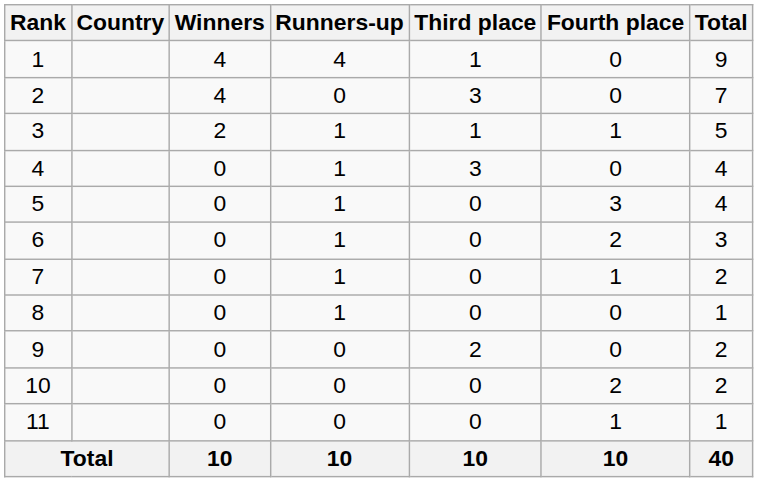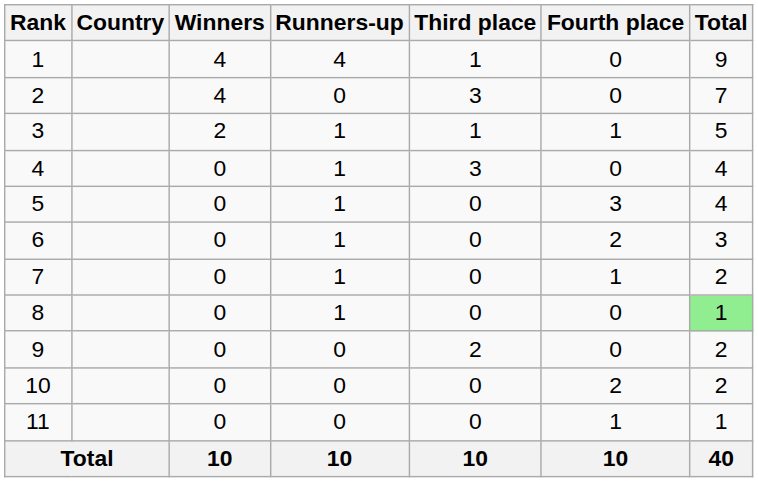 <table class="wikitable sortable" style="text-align:center;">
 <tr>
 <th>Rank</th>
 <th>Country</th>
 <th>Winners</th>
 <th>Runners-up</th>
 <th>Third place</th>
 <th>Fourth place</th>
 <th>Total</th>
 </tr>
 <tr>
 <td>1</td>
 <td align=left></td>
 <td>4</td>
 <td>4</td>
 <td>1</td>
 <td>0</td>
 <td>9</td>
 </tr>
 <tr>
 <td>2</td>
 <td align=left></td>
 <td>4</td>
 <td>0</td>
 <td>3</td>
 <td>0</td>
 <td>7</td>
 </tr>
 <tr>
 <td>3</td>
 <td align="left"></td>
 <td>2</td>
 <td>1</td>
 <td>1</td>
 <td>1</td>
 <td>5</td>
 </tr>
 <tr>
 <td>4</td>
 <td align="left"></td>
 <td>0</td>
 <td>1</td>
 <td>3</td>
 <td>0</td>
 <td>4</td>
 </tr>
 <tr>
 <td>5</td>
 <td align=left></td>
 <td>0</td>
 <td>1</td>
 <td>0</td>
 <td>3</td>
 <td>4</td>
 </tr>
 <tr>
 <td>6</td>
 <td align=left></td>
 <td>0</td>
 <td>1</td>
 <td>0</td>
 <td>2</td>
 <td>3</td>
 </tr>
 <tr>
 <td>7</td>
 <td align=left></td>
 <td>0</td>
 <td>1</td>
 <td>0</td>
 <td>1</td>
 <td>2</td>
 </tr>
 <tr>
 <td>8</td>
 <td align=left></td>
 <td>0</td>
 <td>1</td>
 <td>0</td>
 <td>0</td>
-<td>1</td>
+<td style="background: lightgreen;">1</td>
 </tr>
 <tr>
 <td>9</td>
 <td align=left></td>
 <td>0</td>
 <td>0</td>
 <td>2</td>
 <td>0</td>
 <td>2</td>
 </tr>
 <tr>
 <td>10</td>
 <td align=left></td>
 <td>0</td>
 <td>0</td>
 <td>0</td>
 <td>2</td>
 <td>2</td>
 </tr>
 <tr>
 <td>11</td>
 <td align=left></td>
 <td>0</td>
 <td>0</td>
 <td>0</td>
 <td>1</td>
 <td>1</td>
 </tr>
 <tr class="sortbottom">
 <th colspan=2>Total</th>
 <th>10</th>
 <th>10</th>
 <th>10</th>
 <th>10</th>
 <th>40</th>
 </tr>
 </table>
